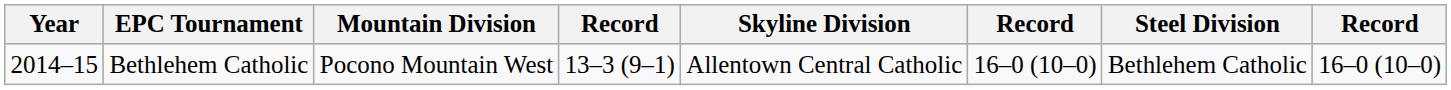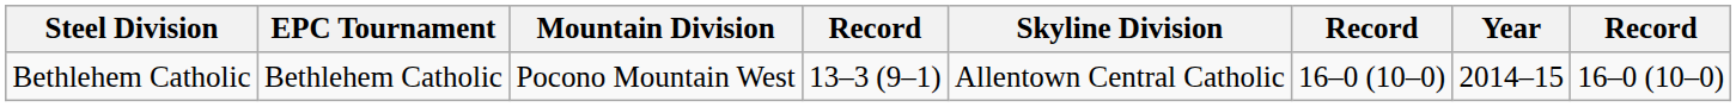 <table class="wikitable" style="text-align:center">
 <tr>
-<th>Year</th>
+<th>Steel Division</th>
 <th>EPC Tournament</th>
 <th>Mountain Division</th>
 <th>Record</th>
 <th>Skyline Division</th>
 <th>Record</th>
-<th>Steel Division</th>
+<th>Year</th>
 <th>Record</th>
 </tr>
 <tr>
-<td>2014–15</td>
+<td>Bethlehem Catholic</td>
 <td>Bethlehem Catholic</td>
 <td>Pocono Mountain West</td>
 <td>13–3 (9–1)</td>
 <td>Allentown Central Catholic</td>
 <td>16–0 (10–0)</td>
-<td>Bethlehem Catholic</td>
+<td>2014–15</td>
 <td>16–0 (10–0)</td>
 </tr>
 </table>
